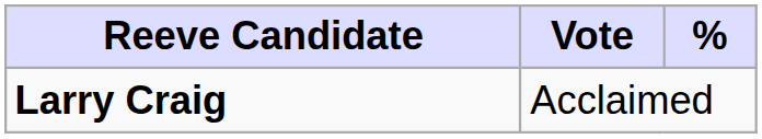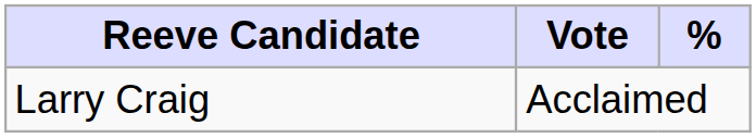 <table class="wikitable">
 <tr>
 <th style="background:#ddf; width:200px;">Reeve Candidate</th>
 <th style="background:#ddf; width:50px;">Vote</th>
 <th style="background:#ddf; width:30px;">%</th>
 </tr>
 <tr>
-<td><strong>Larry Craig</strong></td>
+<td>Larry Craig</td>
 <td colspan="2">Acclaimed</td>
 </tr>
 </table>
